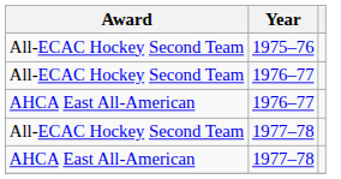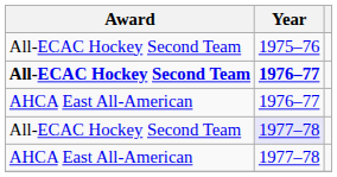 <table class="wikitable">
 <tr>
 <th>Award</th>
 <th>Year</th>
 <th></th>
 </tr>
 <tr>
 <td>All-<a href='#'>ECAC Hockey</a> <a href='#'>Second Team</a></td>
 <td><a href='#'>1975–76</a></td>
 <td></td>
 </tr>
 <tr>
-<td>All-<a href='#'>ECAC Hockey</a> <a href='#'>Second Team</a></td>
-<td><a href='#'>1976–77</a></td>
+<td><strong>All-<a href='#'>ECAC Hockey</a> <a href='#'>Second Team</a></strong></td>
+<td><strong><a href='#'>1976–77</a></strong></td>
 <td></td>
 </tr>
 <tr>
 <td><a href='#'>AHCA</a> <a href='#'>East All-American</a></td>
 <td><a href='#'>1976–77</a></td>
 <td></td>
 </tr>
 <tr>
 <td>All-<a href='#'>ECAC Hockey</a> <a href='#'>Second Team</a></td>
-<td><a href='#'>1977–78</a></td>
+<td style="background: lavender;"><a href='#'>1977–78</a></td>
 <td></td>
 </tr>
 <tr>
 <td><a href='#'>AHCA</a> <a href='#'>East All-American</a></td>
 <td><a href='#'>1977–78</a></td>
 <td></td>
 </tr>
 <tr>
 </tr>
 </table>
